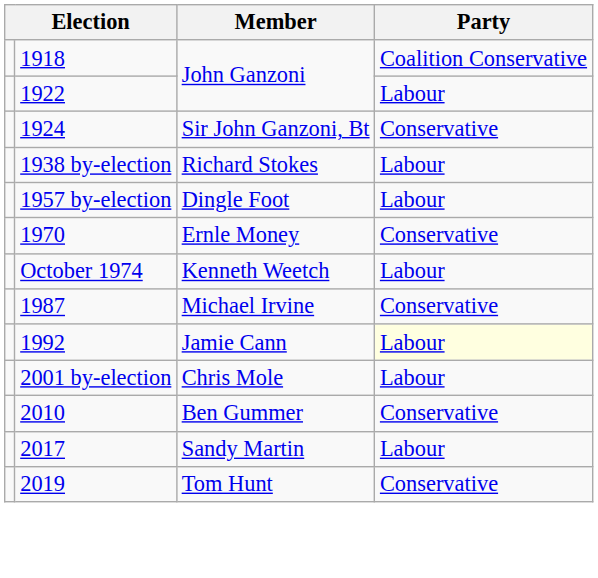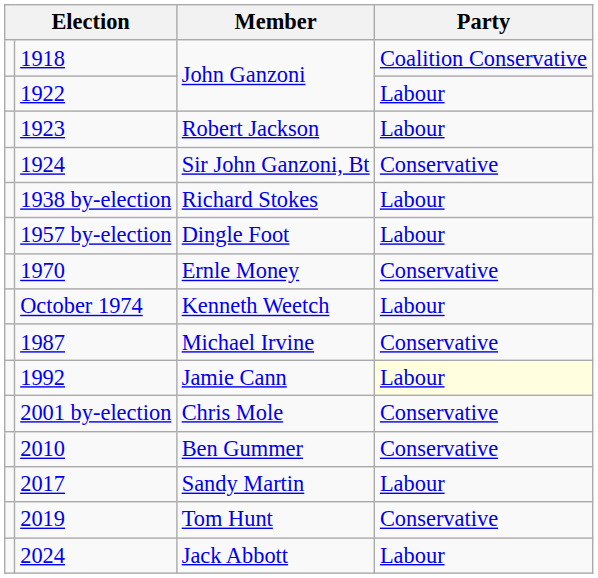 <table class="wikitable">
 <tr>
 <th colspan="2">Election</th>
 <th>Member</th>
 <th>Party</th>
 </tr>
 <tr>
 <td style="color:inherit;background-color: "></td>
 <td><a href='#'>1918</a></td>
 <td rowspan="2"><a href='#'>John Ganzoni</a></td>
 <td><a href='#'>Coalition Conservative</a></td>
 </tr>
 <tr>
 <td style="color:inherit;background-color: "></td>
 <td><a href='#'>1922</a></td>
+<td><a href='#'>Labour</a></td>
+</tr>
+<tr>
+<td style="color:inherit;background-color: "></td>
+<td><a href='#'>1923</a></td>
+<td><a href='#'>Robert Jackson</a></td>
 <td><a href='#'>Labour</a></td>
 </tr>
 <tr>
 <td style="color:inherit;background-color: "></td>
 <td><a href='#'>1924</a></td>
 <td><a href='#'>Sir John Ganzoni, Bt</a></td>
 <td><a href='#'>Conservative</a></td>
 </tr>
 <tr>
 <td style="color:inherit;background-color: "></td>
 <td><a href='#'>1938 by-election</a></td>
 <td><a href='#'>Richard Stokes</a></td>
 <td><a href='#'>Labour</a></td>
 </tr>
 <tr>
 <td style="color:inherit;background-color: "></td>
 <td><a href='#'>1957 by-election</a></td>
 <td><a href='#'>Dingle Foot</a></td>
 <td><a href='#'>Labour</a></td>
 </tr>
 <tr>
 <td style="color:inherit;background-color: "></td>
 <td><a href='#'>1970</a></td>
 <td><a href='#'>Ernle Money</a></td>
 <td><a href='#'>Conservative</a></td>
 </tr>
 <tr>
 <td style="color:inherit;background-color: "></td>
 <td><a href='#'>October 1974</a></td>
 <td><a href='#'>Kenneth Weetch</a></td>
 <td><a href='#'>Labour</a></td>
 </tr>
 <tr>
 <td style="color:inherit;background-color: "></td>
 <td><a href='#'>1987</a></td>
 <td><a href='#'>Michael Irvine</a></td>
 <td><a href='#'>Conservative</a></td>
 </tr>
 <tr>
 <td style="color:inherit;background-color: "></td>
 <td><a href='#'>1992</a></td>
 <td><a href='#'>Jamie Cann</a></td>
 <td style="background: lightyellow;"><a href='#'>Labour</a></td>
 </tr>
 <tr>
 <td style="color:inherit;background-color: "></td>
 <td><a href='#'>2001 by-election</a></td>
 <td><a href='#'>Chris Mole</a></td>
-<td><a href='#'>Labour</a></td>
+<td><a href='#'>Conservative</a></td>
 </tr>
 <tr>
 <td style="color:inherit;background-color: "></td>
 <td><a href='#'>2010</a></td>
 <td><a href='#'>Ben Gummer</a></td>
 <td><a href='#'>Conservative</a></td>
 </tr>
 <tr>
 <td style="color:inherit;background-color: "></td>
 <td><a href='#'>2017</a></td>
 <td><a href='#'>Sandy Martin</a></td>
 <td><a href='#'>Labour</a></td>
 </tr>
 <tr>
 <td style="color:inherit;background-color: "></td>
 <td><a href='#'>2019</a></td>
 <td><a href='#'>Tom Hunt</a></td>
 <td><a href='#'>Conservative</a></td>
 </tr>
+<tr>
+<td style="color:inherit;background-color: "></td>
+<td><a href='#'>2024</a></td>
+<td><a href='#'>Jack Abbott</a></td>
+<td><a href='#'>Labour</a></td>
+</tr>
 </table>
